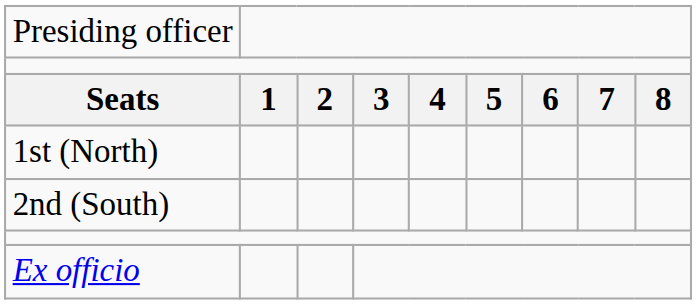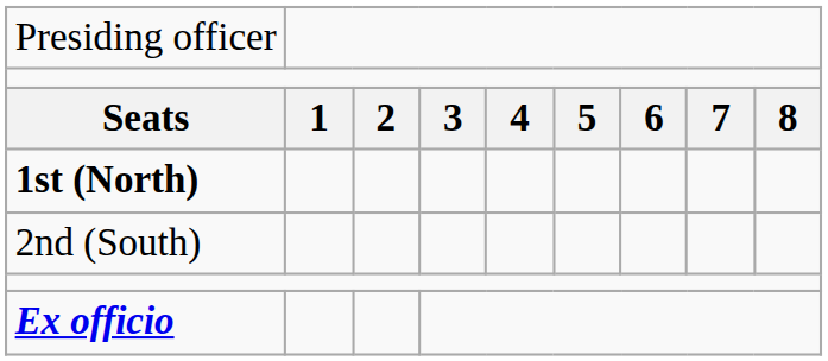 <table class=wikitable style="display: inline-table;">
 <tr>
 <td>Presiding officer</td>
 <td colspan=9 bgcolor=></td>
 </tr>
 <tr>
 <td colspan=9></td>
 </tr>
 <tr>
 <th>Seats</th>
 <th width=20px>1</th>
 <th width=20px>2</th>
 <th width=20px>3</th>
 <th width=20px>4</th>
 <th width=20px>5</th>
 <th width=20px>6</th>
 <th width=20px>7</th>
 <th width=20px>8</th>
 </tr>
 <tr>
-<td>1st (North)</td>
+<td><strong>1st (North)</strong></td>
 <td></td>
 <td></td>
 <td></td>
 <td></td>
 <td></td>
 <td></td>
 <td></td>
 <td></td>
 </tr>
 <tr>
 <td>2nd (South)</td>
 <td></td>
 <td></td>
 <td></td>
 <td></td>
 <td></td>
 <td></td>
 <td></td>
 <td></td>
 </tr>
 <tr>
 <td colspan=9></td>
 </tr>
 <tr>
-<td><em><a href='#'>Ex officio</a></em></td>
+<td><strong><em><a href='#'>Ex officio</a></em></strong></td>
 <td></td>
 <td></td>
 </tr>
 </table>
